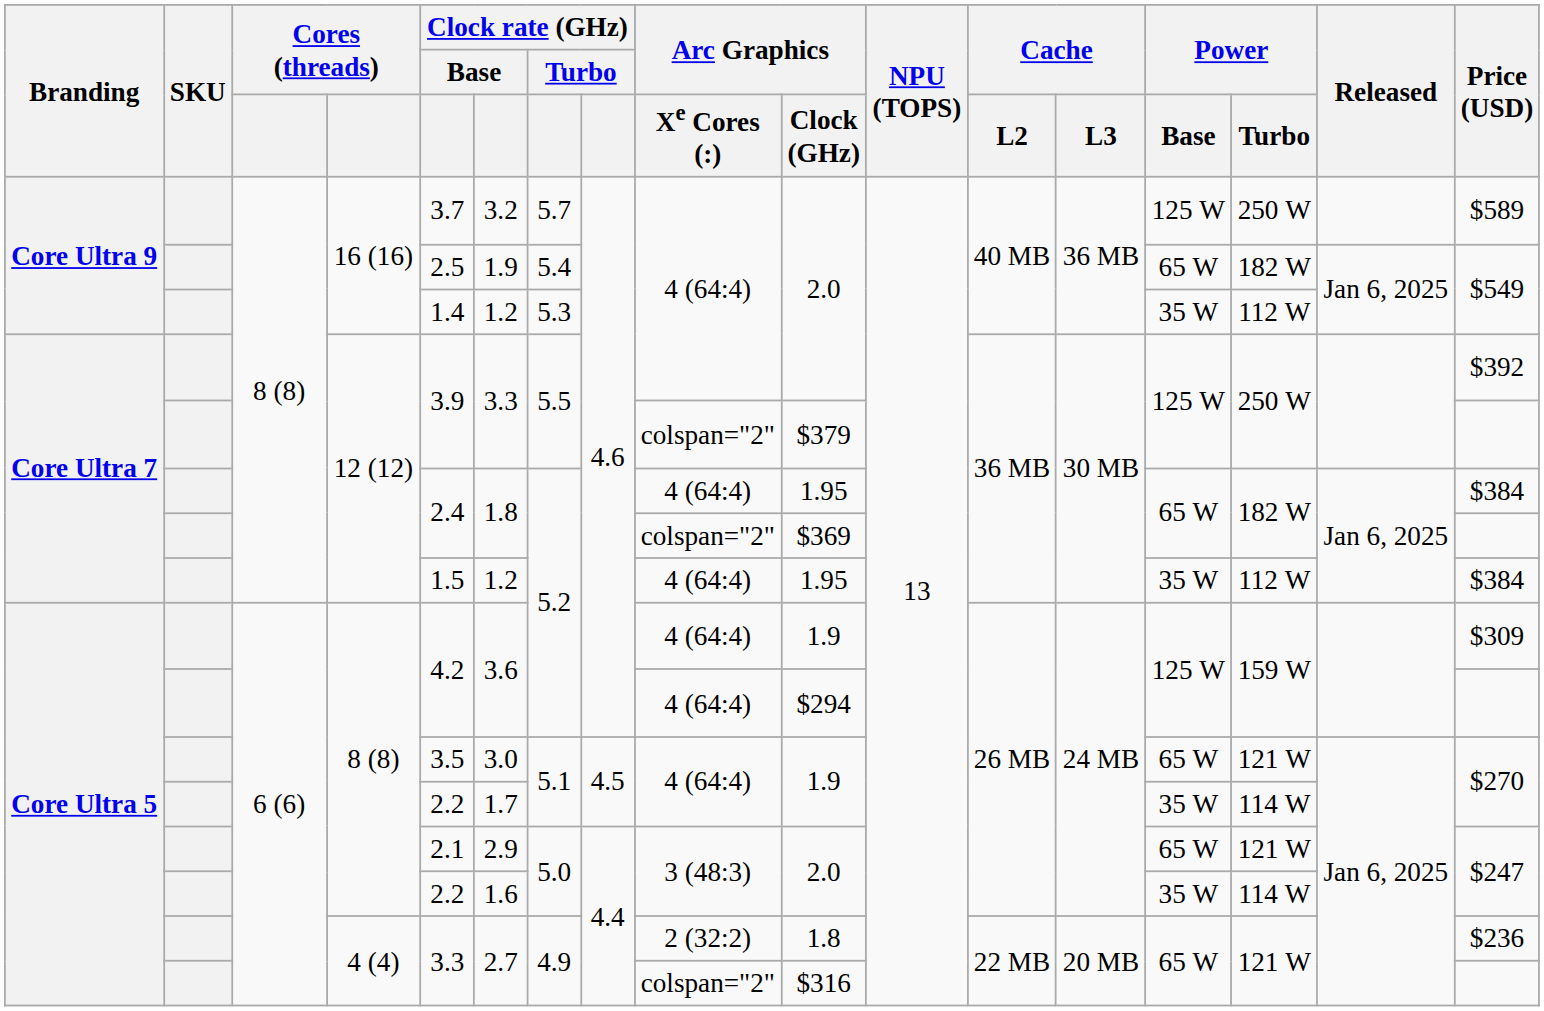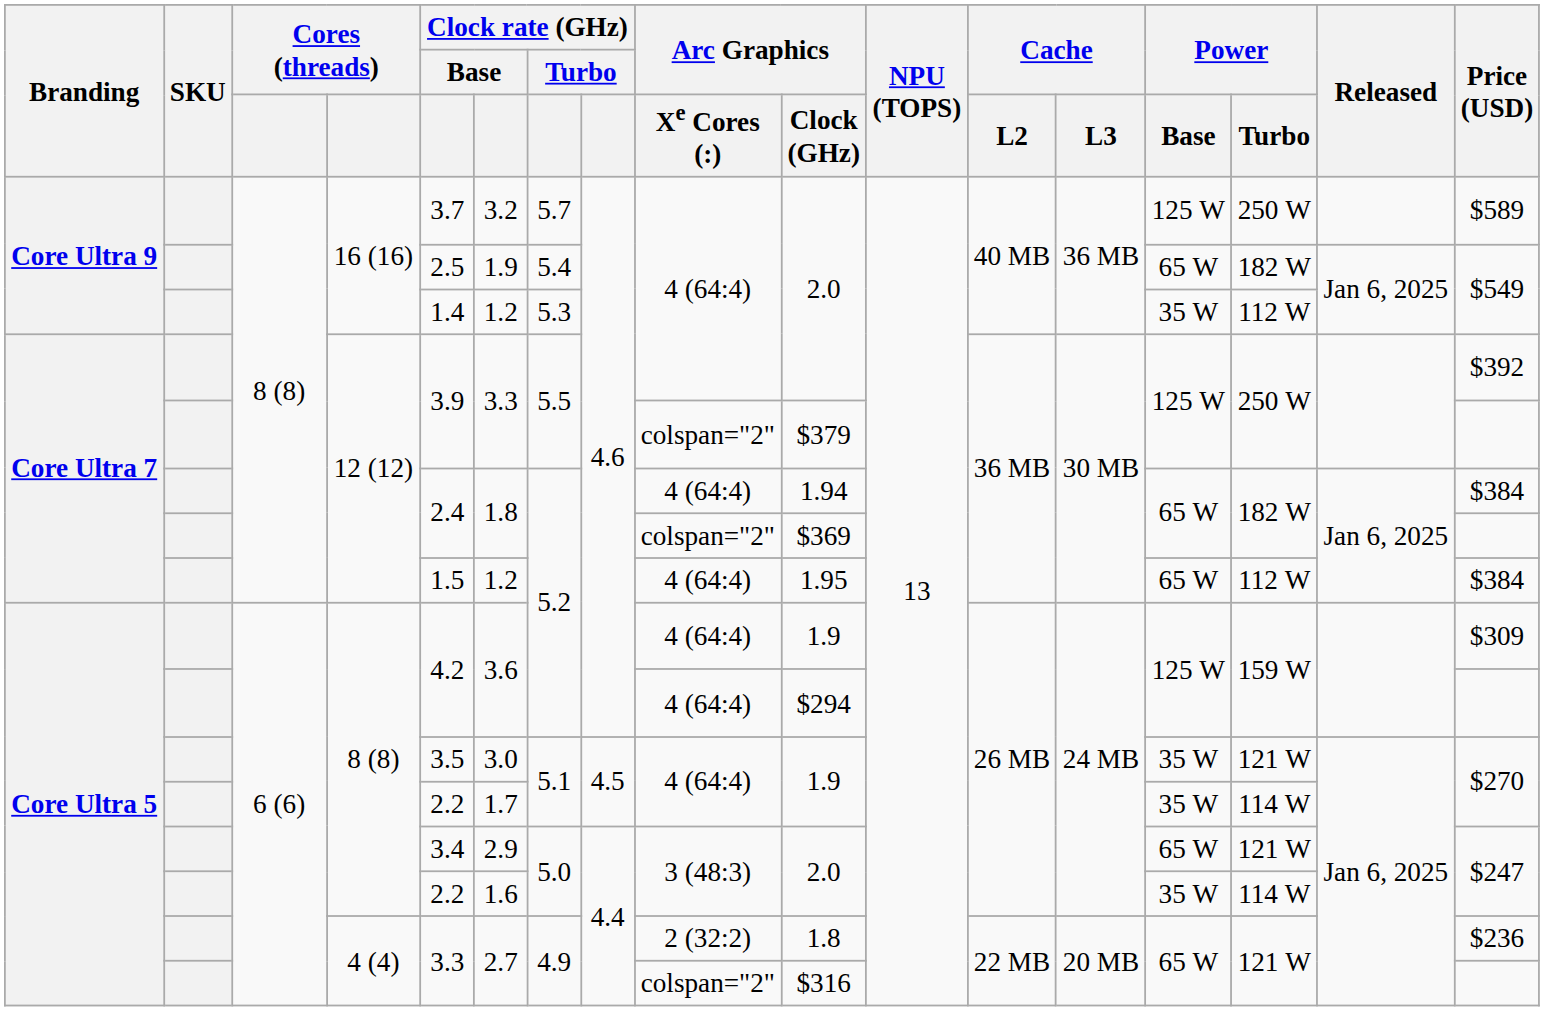 <table class="wikitable" style="text-align:center; white-space:nowrap; font-size:95%">
 <tr>
 <th rowspan="3">Branding</th>
 <th rowspan="3">SKU</th>
 <th colspan="2" rowspan="2"><a href='#'>Cores</a> <br> (<a href='#'>threads</a>)</th>
 <th colspan="4"><a href='#'>Clock rate</a> (GHz)</th>
 <th colspan="2" rowspan="2"><a href='#'>Arc</a> Graphics</th>
 <th rowspan="3"><a href='#'>NPU</a> <br> (TOPS)</th>
 <th rowspan="2" colspan="2"><a href='#'>Cache</a></th>
 <th colspan="2" rowspan="2"><a href='#'>Power</a></th>
 <th rowspan="3">Released</th>
 <th rowspan="3">Price <br> (USD)</th>
 </tr>
 <tr>
 <th colspan="2">Base</th>
 <th colspan="2"><a href='#'>Turbo</a></th>
 </tr>
 <tr>
 <th style="width:3em;"></th>
 <th style="width:3em;"></th>
 <th style="width:1.5em;"></th>
 <th style="width:1.5em;"></th>
 <th style="width:1.5em;"></th>
 <th style="width:1.5em;"></th>
 <th>X<sup>e</sup> Cores <br> (:)</th>
 <th>Clock <br>(GHz)</th>
 <th>L2</th>
 <th>L3</th>
 <th>Base</th>
 <th>Turbo</th>
 </tr>
 <tr>
 <th rowspan="3"><a href='#'>Core Ultra 9</a></th>
 <th style="text-align:left; height:2em;"></th>
 <td rowspan="8">8 (8)</td>
 <td rowspan="3">16 (16)</td>
 <td>3.7</td>
 <td>3.2</td>
 <td>5.7</td>
 <td rowspan="10">4.6</td>
 <td rowspan="4">4 (64:4)</td>
 <td rowspan="4">2.0</td>
 <td rowspan="16">13</td>
 <td rowspan="3">40 MB</td>
 <td rowspan="3">36 MB</td>
 <td>125 W</td>
 <td>250 W</td>
 <td></td>
 <td>$589</td>
 </tr>
 <tr>
 <th></th>
 <td>2.5</td>
 <td>1.9</td>
 <td>5.4</td>
 <td>65 W</td>
 <td>182 W</td>
 <td rowspan="2">Jan 6, 2025</td>
 <td rowspan="2">$549</td>
 </tr>
 <tr>
 <th></th>
 <td>1.4</td>
 <td>1.2</td>
 <td>5.3</td>
 <td>35 W</td>
 <td>112 W</td>
 </tr>
 <tr>
 <th rowspan="5"><a href='#'>Core Ultra 7</a></th>
 <th style="text-align:left; height:2em;"></th>
 <td rowspan="5">12 (12)</td>
 <td rowspan="2">3.9</td>
 <td rowspan="2">3.3</td>
 <td rowspan="2">5.5</td>
 <td rowspan="5">36 MB</td>
 <td rowspan="5">30 MB</td>
 <td rowspan="2">125 W</td>
 <td rowspan="2">250 W</td>
 <td rowspan="2"></td>
 <td>$392</td>
 </tr>
 <tr>
 <th style="text-align:left; height:2em;"></th>
 <td>colspan="2" </td>
 <td>$379</td>
 </tr>
 <tr>
 <th></th>
 <td rowspan="2">2.4</td>
 <td rowspan="2">1.8</td>
 <td rowspan="5">5.2</td>
 <td>4 (64:4)</td>
-<td>1.95</td>
+<td>1.94</td>
 <td rowspan="2">65 W</td>
 <td rowspan="2">182 W</td>
 <td rowspan="3">Jan 6, 2025</td>
 <td>$384</td>
 </tr>
 <tr>
 <th></th>
 <td>colspan="2" </td>
 <td>$369</td>
 </tr>
 <tr>
 <th></th>
 <td>1.5</td>
 <td>1.2</td>
 <td>4 (64:4)</td>
 <td>1.95</td>
-<td>35 W</td>
+<td>65 W</td>
 <td>112 W</td>
 <td>$384</td>
 </tr>
 <tr>
 <th rowspan="8"><a href='#'>Core Ultra 5</a></th>
 <th style="text-align:left; height:2em;"></th>
 <td rowspan="8">6 (6)</td>
 <td rowspan="6">8 (8)</td>
 <td rowspan="2">4.2</td>
 <td rowspan="2">3.6</td>
 <td>4 (64:4)</td>
 <td>1.9</td>
 <td rowspan="6">26 MB</td>
 <td rowspan="6">24 MB</td>
 <td rowspan="2">125 W</td>
 <td rowspan="2">159 W</td>
 <td rowspan="2"></td>
 <td>$309</td>
 </tr>
 <tr>
 <th style="text-align:left; height:2em;"></th>
 <td>4 (64:4)</td>
 <td>$294</td>
 </tr>
 <tr>
 <th></th>
 <td>3.5</td>
 <td>3.0</td>
 <td rowspan="2">5.1</td>
 <td rowspan="2">4.5</td>
 <td rowspan="2">4 (64:4)</td>
 <td rowspan="2">1.9</td>
-<td>65 W</td>
+<td>35 W</td>
 <td>121 W</td>
 <td rowspan="6">Jan 6, 2025</td>
 <td rowspan="2">$270</td>
 </tr>
 <tr>
 <th></th>
 <td>2.2</td>
 <td>1.7</td>
 <td>35 W</td>
 <td>114 W</td>
 </tr>
 <tr>
 <th></th>
-<td>2.1</td>
+<td>3.4</td>
 <td>2.9</td>
 <td rowspan="2">5.0</td>
 <td rowspan="4">4.4</td>
 <td rowspan="2">3 (48:3)</td>
 <td rowspan="2">2.0</td>
 <td>65 W</td>
 <td>121 W</td>
 <td rowspan="2">$247</td>
 </tr>
 <tr>
 <th></th>
 <td>2.2</td>
 <td>1.6</td>
 <td>35 W</td>
 <td>114 W</td>
 </tr>
 <tr>
 <th></th>
 <td rowspan="2">4 (4)</td>
 <td rowspan="2">3.3</td>
 <td rowspan="2">2.7</td>
 <td rowspan="2">4.9</td>
 <td>2 (32:2)</td>
 <td>1.8</td>
 <td rowspan="2">22 MB</td>
 <td rowspan="2">20 MB</td>
 <td rowspan="2">65 W</td>
 <td rowspan="2">121 W</td>
 <td>$236</td>
 </tr>
 <tr>
 <th></th>
 <td>colspan="2" </td>
 <td>$316</td>
 </tr>
 </table>
